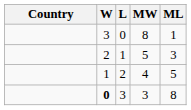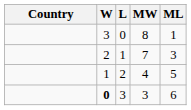 <table class="wikitable sortable" style="text-align:center">
 <tr>
 <th width=110>Country</th>
 <th>W</th>
 <th>L</th>
 <th>MW</th>
 <th>ML</th>
 </tr>
 <tr>
 <td align=left><strong></strong></td>
 <td>3</td>
 <td>0</td>
 <td>8</td>
 <td>1</td>
 </tr>
 <tr>
 <td align=left></td>
 <td>2</td>
 <td>1</td>
-<td>5</td>
+<td>7</td>
 <td>3</td>
 </tr>
 <tr>
 <td align=left></td>
 <td>1</td>
 <td>2</td>
 <td>4</td>
 <td>5</td>
 </tr>
 <tr>
 <td align=left></td>
 <td><strong>0</strong></td>
 <td>3</td>
 <td>3</td>
-<td>8</td>
+<td>6</td>
 </tr>
 </table>
